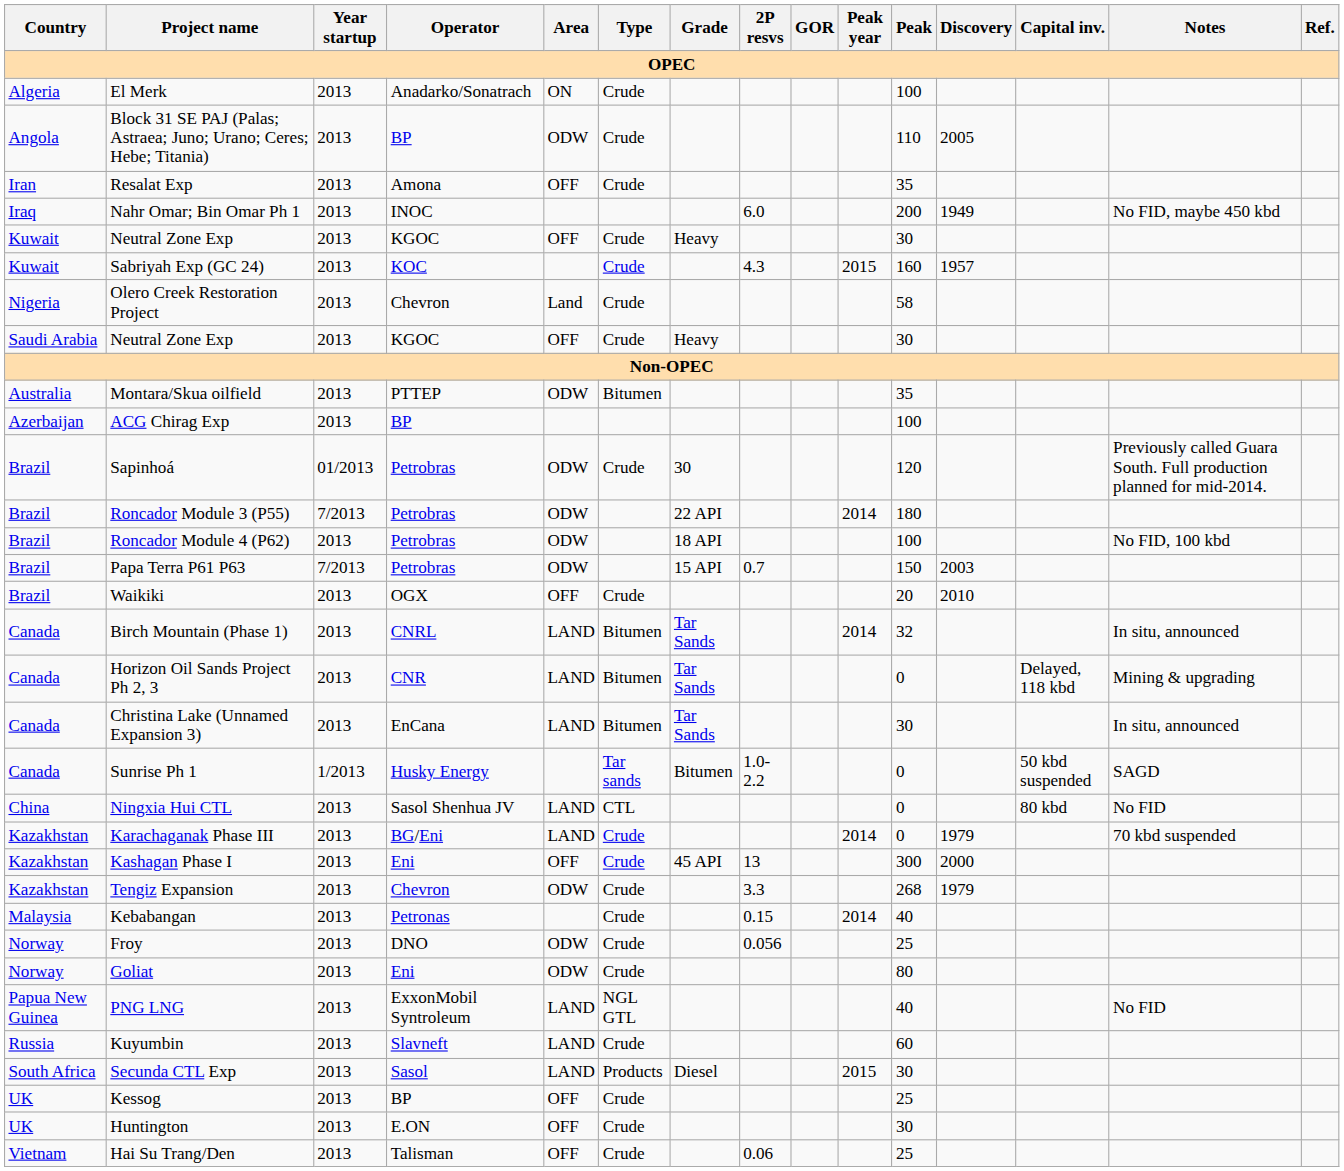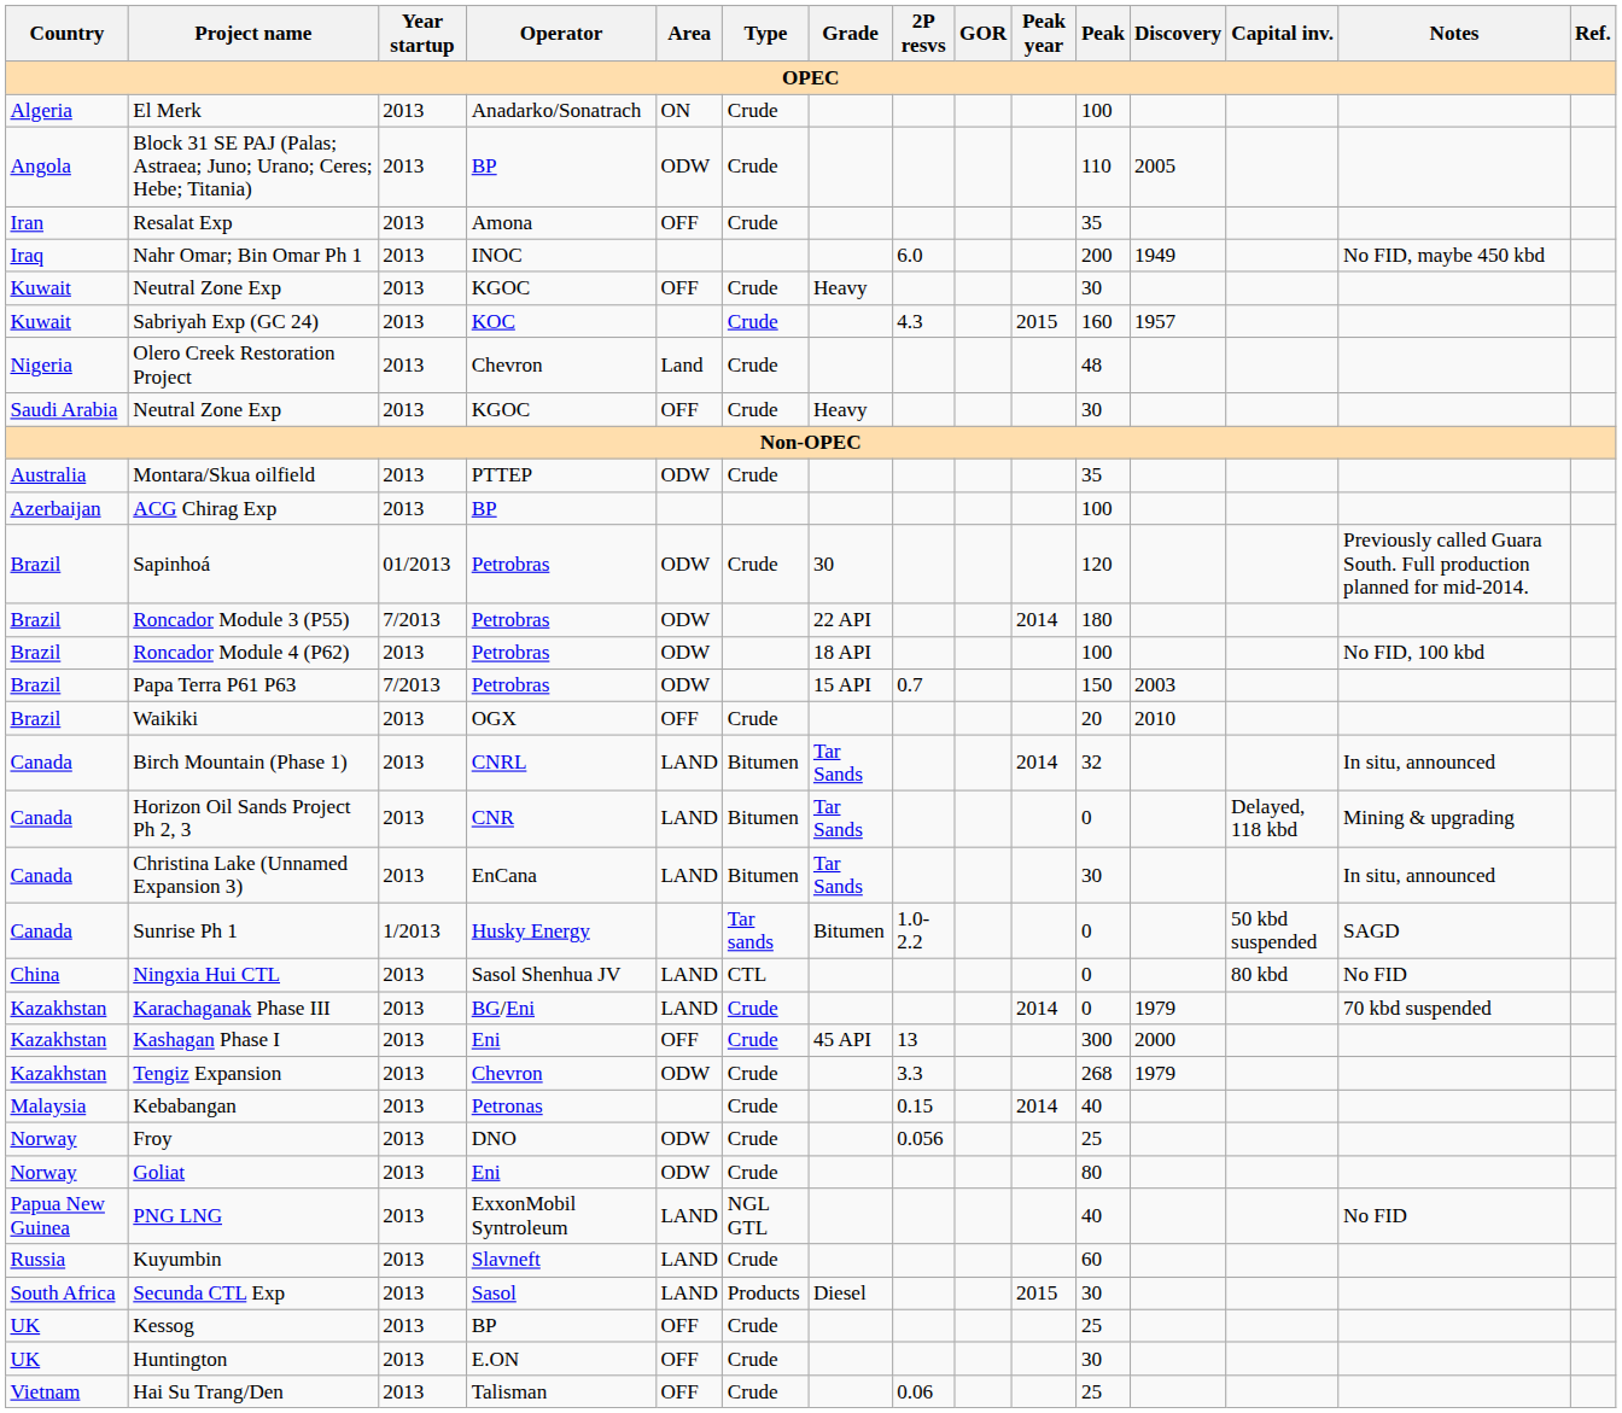 <table class="wikitable">
 <tr>
 <th>Country</th>
 <th>Project name</th>
 <th>Year startup</th>
 <th>Operator</th>
 <th>Area</th>
 <th>Type</th>
 <th>Grade</th>
 <th>2P resvs</th>
 <th>GOR</th>
 <th>Peak year</th>
 <th>Peak</th>
 <th>Discovery</th>
 <th>Capital inv.</th>
 <th>Notes</th>
 <th>Ref.</th>
 </tr>
 <tr --->
 <td align="center" colspan="15" style="background:#ffdead;border-top:1px; border-right:1px; border-bottom:2px; border-left:1px;"><strong>OPEC</strong></td>
 </tr>
 <tr --->
 <td><a href='#'>Algeria</a></td>
 <td>El Merk</td>
 <td>2013</td>
 <td>Anadarko/Sonatrach</td>
 <td>ON</td>
 <td>Crude</td>
 <td></td>
 <td></td>
 <td></td>
 <td></td>
 <td>100</td>
 <td></td>
 <td></td>
 <td></td>
 <td></td>
 </tr>
 <tr --->
 <td><a href='#'>Angola</a></td>
 <td>Block 31 SE PAJ (Palas; Astraea; Juno; Urano; Ceres; Hebe; Titania)</td>
 <td>2013</td>
 <td><a href='#'>BP</a></td>
 <td>ODW</td>
 <td>Crude</td>
 <td></td>
 <td></td>
 <td></td>
 <td></td>
 <td>110</td>
 <td>2005</td>
 <td></td>
 <td></td>
 <td></td>
 </tr>
 <tr --->
 <td><a href='#'>Iran</a></td>
 <td>Resalat Exp</td>
 <td>2013</td>
 <td>Amona</td>
 <td>OFF</td>
 <td>Crude</td>
 <td></td>
 <td></td>
 <td></td>
 <td></td>
 <td>35</td>
 <td></td>
 <td></td>
 <td></td>
 <td></td>
 </tr>
 <tr --->
 <td><a href='#'>Iraq</a></td>
 <td>Nahr Omar; Bin Omar Ph 1</td>
 <td>2013</td>
 <td>INOC</td>
 <td></td>
 <td></td>
 <td></td>
 <td>6.0</td>
 <td></td>
 <td></td>
 <td>200</td>
 <td>1949</td>
 <td></td>
 <td>No FID, maybe 450 kbd</td>
 <td><br></td>
 </tr>
 <tr --->
 <td><a href='#'>Kuwait</a></td>
 <td>Neutral Zone Exp</td>
 <td>2013</td>
 <td>KGOC</td>
 <td>OFF</td>
 <td>Crude</td>
 <td>Heavy</td>
 <td></td>
 <td></td>
 <td></td>
 <td>30</td>
 <td></td>
 <td></td>
 <td></td>
 <td></td>
 </tr>
 <tr --->
 <td><a href='#'>Kuwait</a></td>
 <td>Sabriyah Exp (GC 24)</td>
 <td>2013</td>
 <td><a href='#'>KOC</a></td>
 <td></td>
 <td><a href='#'>Crude</a></td>
 <td></td>
 <td>4.3</td>
 <td></td>
 <td>2015</td>
 <td>160</td>
 <td>1957</td>
 <td></td>
 <td></td>
 <td></td>
 </tr>
 <tr --->
 <td><a href='#'>Nigeria</a></td>
 <td>Olero Creek Restoration Project</td>
 <td>2013</td>
 <td>Chevron</td>
 <td>Land</td>
 <td>Crude</td>
 <td></td>
 <td></td>
 <td></td>
 <td></td>
-<td>58</td>
+<td>48</td>
 <td></td>
 <td></td>
 <td></td>
 <td></td>
 </tr>
 <tr --->
 <td><a href='#'>Saudi Arabia</a></td>
 <td>Neutral Zone Exp</td>
 <td>2013</td>
 <td>KGOC</td>
 <td>OFF</td>
 <td>Crude</td>
 <td>Heavy</td>
 <td></td>
 <td></td>
 <td></td>
 <td>30</td>
 <td></td>
 <td></td>
 <td></td>
 <td></td>
 </tr>
 <tr --->
 <td align="center" colspan="15" style="background:#ffdead;border-top:1px; border-right:1px; border-bottom:2px; border-left:1px;"><strong>Non-OPEC</strong></td>
 </tr>
 <tr --->
 <td><a href='#'>Australia</a></td>
 <td>Montara/Skua oilfield</td>
 <td>2013</td>
 <td>PTTEP</td>
 <td>ODW</td>
-<td>Bitumen</td>
+<td>Crude</td>
 <td></td>
 <td></td>
 <td></td>
 <td></td>
 <td>35</td>
 <td></td>
 <td></td>
 <td></td>
 <td></td>
 </tr>
 <tr --->
 <td><a href='#'>Azerbaijan</a></td>
 <td><a href='#'>ACG</a> Chirag Exp</td>
 <td>2013</td>
 <td><a href='#'>BP</a></td>
 <td></td>
 <td></td>
 <td></td>
 <td></td>
 <td></td>
 <td></td>
 <td>100</td>
 <td></td>
 <td></td>
 <td></td>
 <td></td>
 </tr>
 <tr --->
 <td><a href='#'>Brazil</a></td>
 <td>Sapinhoá</td>
 <td>01/2013</td>
 <td><a href='#'>Petrobras</a></td>
 <td>ODW</td>
 <td>Crude</td>
 <td>30</td>
 <td></td>
 <td></td>
 <td></td>
 <td>120</td>
 <td></td>
 <td></td>
 <td>Previously called Guara South. Full production planned for mid-2014.</td>
 <td><br>  </td>
 </tr>
 <tr --->
 <td><a href='#'>Brazil</a></td>
 <td><a href='#'>Roncador</a> Module 3 (P55)</td>
 <td>7/2013</td>
 <td><a href='#'>Petrobras</a></td>
 <td>ODW</td>
 <td></td>
 <td>22 API</td>
 <td></td>
 <td></td>
 <td>2014</td>
 <td>180</td>
 <td></td>
 <td></td>
 <td></td>
 <td></td>
 </tr>
 <tr --->
 <td><a href='#'>Brazil</a></td>
 <td><a href='#'>Roncador</a> Module 4 (P62)</td>
 <td>2013</td>
 <td><a href='#'>Petrobras</a></td>
 <td>ODW</td>
 <td></td>
 <td>18 API</td>
 <td></td>
 <td></td>
 <td></td>
 <td>100</td>
 <td></td>
 <td></td>
 <td>No FID, 100 kbd</td>
 <td></td>
 </tr>
 <tr --->
 <td><a href='#'>Brazil</a></td>
 <td>Papa Terra P61 P63</td>
 <td>7/2013</td>
 <td><a href='#'>Petrobras</a></td>
 <td>ODW</td>
 <td></td>
 <td>15 API</td>
 <td>0.7</td>
 <td></td>
 <td></td>
 <td>150</td>
 <td>2003</td>
 <td></td>
 <td></td>
 <td><br></td>
 </tr>
 <tr --->
 <td><a href='#'>Brazil</a></td>
 <td>Waikiki</td>
 <td>2013</td>
 <td>OGX</td>
 <td>OFF</td>
 <td>Crude</td>
 <td></td>
 <td></td>
 <td></td>
 <td></td>
 <td>20</td>
 <td>2010</td>
 <td></td>
 <td></td>
 <td><br></td>
 </tr>
 <tr --->
 <td><a href='#'>Canada</a></td>
 <td>Birch Mountain (Phase 1)</td>
 <td>2013</td>
 <td><a href='#'>CNRL</a></td>
 <td>LAND</td>
 <td>Bitumen</td>
 <td><a href='#'>Tar Sands</a></td>
 <td></td>
 <td></td>
 <td>2014</td>
 <td>32</td>
 <td></td>
 <td></td>
 <td>In situ, announced</td>
 <td></td>
 </tr>
 <tr --->
 <td><a href='#'>Canada</a></td>
 <td>Horizon Oil Sands Project Ph 2, 3</td>
 <td>2013</td>
 <td><a href='#'>CNR</a></td>
 <td>LAND</td>
 <td>Bitumen</td>
 <td><a href='#'>Tar Sands</a></td>
 <td></td>
 <td></td>
 <td></td>
 <td>0</td>
 <td></td>
 <td>Delayed, 118 kbd</td>
 <td>Mining & upgrading</td>
 <td></td>
 </tr>
 <tr --->
 <td><a href='#'>Canada</a></td>
 <td>Christina Lake (Unnamed Expansion 3)</td>
 <td>2013</td>
 <td>EnCana</td>
 <td>LAND</td>
 <td>Bitumen</td>
 <td><a href='#'>Tar Sands</a></td>
 <td></td>
 <td></td>
 <td></td>
 <td>30</td>
 <td></td>
 <td></td>
 <td>In situ, announced</td>
 <td></td>
 </tr>
 <tr --->
 <td><a href='#'>Canada</a></td>
 <td>Sunrise Ph 1</td>
 <td>1/2013</td>
 <td><a href='#'>Husky Energy</a></td>
 <td></td>
 <td><a href='#'>Tar sands</a></td>
 <td>Bitumen</td>
 <td>1.0-2.2</td>
 <td></td>
 <td></td>
 <td>0</td>
 <td></td>
 <td>50 kbd suspended</td>
 <td>SAGD</td>
 <td></td>
 </tr>
 <tr --->
 <td><a href='#'>China</a></td>
 <td><a href='#'>Ningxia Hui CTL</a></td>
 <td>2013 </td>
 <td>Sasol Shenhua JV</td>
 <td>LAND</td>
 <td>CTL</td>
 <td></td>
 <td></td>
 <td></td>
 <td></td>
 <td>0</td>
 <td></td>
 <td>80 kbd</td>
 <td>No FID</td>
 <td></td>
 </tr>
 <tr --->
 <td><a href='#'>Kazakhstan</a></td>
 <td><a href='#'>Karachaganak</a> Phase III</td>
 <td>2013</td>
 <td><a href='#'>BG</a>/<a href='#'>Eni</a></td>
 <td>LAND</td>
 <td><a href='#'>Crude</a></td>
 <td></td>
 <td></td>
 <td></td>
 <td>2014</td>
 <td>0</td>
 <td>1979</td>
 <td></td>
 <td>70 kbd suspended</td>
 <td></td>
 </tr>
 <tr --->
 <td><a href='#'>Kazakhstan</a></td>
 <td><a href='#'>Kashagan</a> Phase I</td>
 <td>2013</td>
 <td><a href='#'>Eni</a></td>
 <td>OFF</td>
 <td><a href='#'>Crude</a></td>
 <td>45 API</td>
 <td>13</td>
 <td></td>
 <td></td>
 <td>300</td>
 <td>2000</td>
 <td></td>
 <td></td>
 <td></td>
 </tr>
 <tr --->
 <td><a href='#'>Kazakhstan</a></td>
 <td><a href='#'>Tengiz</a> Expansion</td>
 <td>2013</td>
 <td><a href='#'>Chevron</a></td>
 <td>ODW</td>
 <td>Crude</td>
 <td></td>
 <td>3.3</td>
 <td></td>
 <td></td>
 <td>268</td>
 <td>1979</td>
 <td></td>
 <td></td>
 <td></td>
 </tr>
 <tr --->
 <td><a href='#'>Malaysia</a></td>
 <td>Kebabangan</td>
 <td>2013</td>
 <td><a href='#'>Petronas</a></td>
 <td></td>
 <td>Crude</td>
 <td></td>
 <td>0.15</td>
 <td></td>
 <td>2014</td>
 <td>40</td>
 <td></td>
 <td></td>
 <td></td>
 <td></td>
 </tr>
 <tr --->
 <td><a href='#'>Norway</a></td>
 <td>Froy</td>
 <td>2013</td>
 <td>DNO</td>
 <td>ODW</td>
 <td>Crude</td>
 <td></td>
 <td>0.056</td>
 <td></td>
 <td></td>
 <td>25</td>
 <td></td>
 <td></td>
 <td></td>
 <td></td>
 </tr>
 <tr --->
 <td><a href='#'>Norway</a></td>
 <td><a href='#'>Goliat</a></td>
 <td>2013</td>
 <td><a href='#'>Eni</a></td>
 <td>ODW</td>
 <td>Crude</td>
 <td></td>
 <td></td>
 <td></td>
 <td></td>
 <td>80</td>
 <td></td>
 <td></td>
 <td></td>
 <td></td>
 </tr>
 <tr --->
 <td><a href='#'>Papua New Guinea</a></td>
 <td><a href='#'>PNG LNG</a></td>
 <td>2013</td>
 <td>ExxonMobil Syntroleum</td>
 <td>LAND</td>
 <td>NGL GTL</td>
 <td></td>
 <td></td>
 <td></td>
 <td></td>
 <td>40</td>
 <td></td>
 <td></td>
 <td>No FID</td>
 <td></td>
 </tr>
 <tr --->
 <td><a href='#'>Russia</a></td>
 <td>Kuyumbin</td>
 <td>2013</td>
 <td><a href='#'>Slavneft</a></td>
 <td>LAND</td>
 <td>Crude</td>
 <td></td>
 <td></td>
 <td></td>
 <td></td>
 <td>60</td>
 <td></td>
 <td></td>
 <td></td>
 <td></td>
 </tr>
 <tr --->
 <td><a href='#'>South Africa</a></td>
 <td><a href='#'>Secunda CTL</a> Exp</td>
 <td>2013</td>
 <td><a href='#'>Sasol</a></td>
 <td>LAND</td>
 <td>Products</td>
 <td>Diesel</td>
 <td></td>
 <td></td>
 <td>2015</td>
 <td>30</td>
 <td></td>
 <td></td>
 <td></td>
 <td></td>
 </tr>
 <tr --->
 <td><a href='#'>UK</a></td>
 <td>Kessog</td>
 <td>2013</td>
 <td>BP</td>
 <td>OFF</td>
 <td>Crude</td>
 <td></td>
 <td></td>
 <td></td>
 <td></td>
 <td>25</td>
 <td></td>
 <td></td>
 <td></td>
 <td></td>
 </tr>
 <tr --->
 <td><a href='#'>UK</a></td>
 <td>Huntington</td>
 <td>2013</td>
 <td>E.ON</td>
 <td>OFF</td>
 <td>Crude</td>
 <td></td>
 <td></td>
 <td></td>
 <td></td>
 <td>30</td>
 <td></td>
 <td></td>
 <td></td>
 <td></td>
 </tr>
 <tr --->
 <td><a href='#'>Vietnam</a></td>
 <td>Hai Su Trang/Den</td>
 <td>2013</td>
 <td>Talisman</td>
 <td>OFF</td>
 <td>Crude</td>
 <td></td>
 <td>0.06</td>
 <td></td>
 <td></td>
 <td>25</td>
 <td></td>
 <td></td>
 <td></td>
 <td></td>
 </tr>
 </table>
